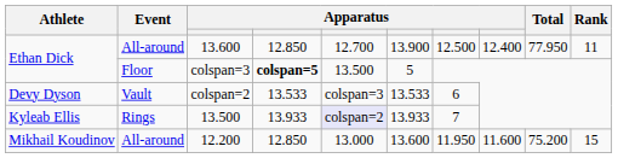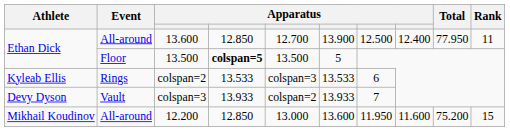 <table class="wikitable" style="font-size:90%">
 <tr>
 <th rowspan=2>Athlete</th>
 <th rowspan=2>Event</th>
 <th colspan=6>Apparatus</th>
 <th rowspan=2>Total</th>
 <th rowspan=2>Rank</th>
 </tr>
 <tr style="font-size:95%">
 <th></th>
 <th></th>
 <th></th>
 <th></th>
 <th></th>
 <th></th>
 </tr>
 <tr align=center>
 <td align=left rowspan=2><a href='#'>Ethan Dick</a></td>
 <td align=left><a href='#'>All-around</a></td>
 <td>13.600</td>
 <td>12.850</td>
 <td>12.700</td>
 <td>13.900</td>
 <td>12.500</td>
 <td>12.400</td>
 <td>77.950</td>
 <td>11</td>
 </tr>
 <tr align=center>
 <td align=left><a href='#'>Floor</a></td>
-<td>colspan=3 </td>
+<td>13.500</td>
 <td><strong>colspan=5 </strong></td>
 <td>13.500</td>
 <td>5</td>
 </tr>
 <tr align=center>
-<td align=left><a href='#'>Devy Dyson</a></td>
-<td align=left><a href='#'>Vault</a></td>
+<td align=left><a href='#'>Kyleab Ellis</a></td>
+<td align=left><a href='#'>Rings</a></td>
 <td>colspan=2 </td>
 <td>13.533</td>
 <td>colspan=3 </td>
 <td>13.533</td>
 <td>6</td>
 </tr>
 <tr align=center>
-<td align=left><a href='#'>Kyleab Ellis</a></td>
-<td align=left><a href='#'>Rings</a></td>
-<td>13.500</td>
+<td align=left><a href='#'>Devy Dyson</a></td>
+<td align=left><a href='#'>Vault</a></td>
+<td>colspan=3 </td>
 <td>13.933</td>
-<td style="background: lavender;">colspan=2 </td>
+<td>colspan=2 </td>
 <td>13.933</td>
 <td>7</td>
 </tr>
 <tr align=center>
 <td align=left><a href='#'>Mikhail Koudinov</a></td>
 <td align=left><a href='#'>All-around</a></td>
 <td>12.200</td>
 <td>12.850</td>
 <td>13.000</td>
 <td>13.600</td>
 <td>11.950</td>
 <td>11.600</td>
 <td>75.200</td>
 <td>15</td>
 </tr>
 </table>
